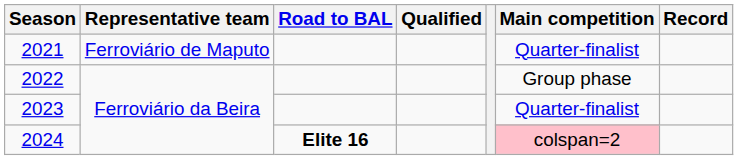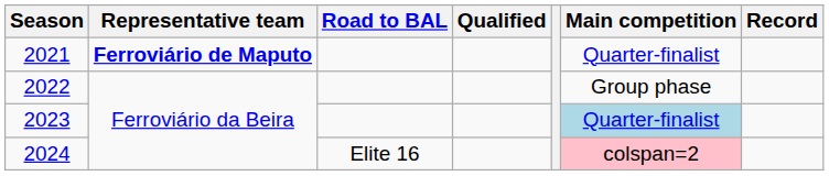 <table class="wikitable" style="text-align:center;">
 <tr>
 <th>Season</th>
 <th>Representative team</th>
 <th><a href='#'>Road to BAL</a></th>
 <th>Qualified</th>
 <th rowspan="101"></th>
 <th>Main competition</th>
 <th>Record</th>
 </tr>
 <tr>
 <td><a href='#'>2021</a></td>
-<td><a href='#'>Ferroviário de Maputo</a></td>
+<td><strong><a href='#'>Ferroviário de Maputo</a></strong></td>
 <td></td>
 <td></td>
 <td><a href='#'>Quarter-finalist</a></td>
 <td></td>
 </tr>
 <tr>
 <td><a href='#'>2022</a></td>
 <td rowspan="3"><a href='#'>Ferroviário da Beira</a></td>
 <td></td>
 <td></td>
 <td>Group phase</td>
 <td></td>
 </tr>
 <tr>
 <td><a href='#'>2023</a></td>
 <td></td>
 <td></td>
-<td><a href='#'>Quarter-finalist</a></td>
+<td style="background: lightblue;"><a href='#'>Quarter-finalist</a></td>
 <td></td>
 </tr>
 <tr>
 <td><a href='#'>2024</a></td>
-<td><strong>Elite 16</strong></td>
+<td>Elite 16</td>
 <td></td>
 <td style="background: pink;">colspan=2 </td>
 </tr>
 </table>
